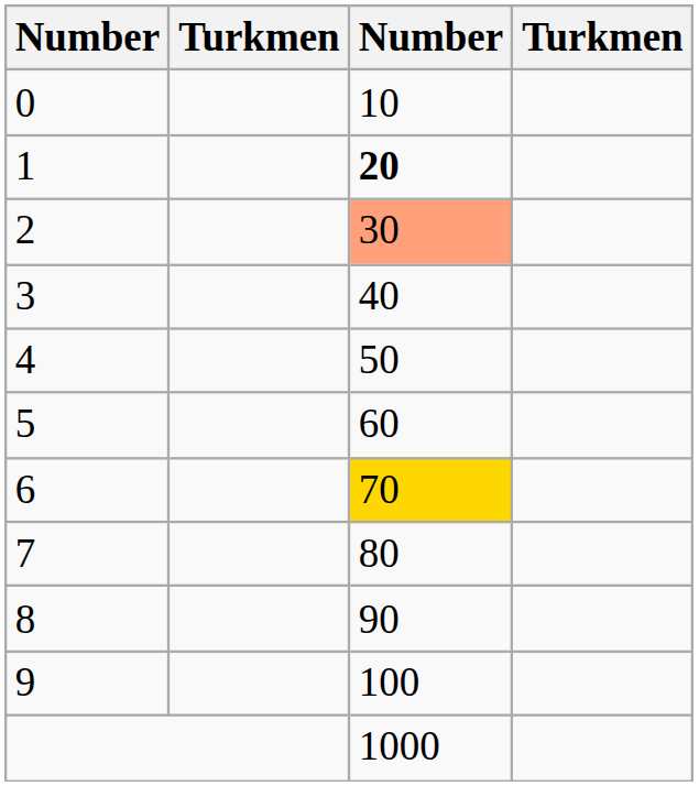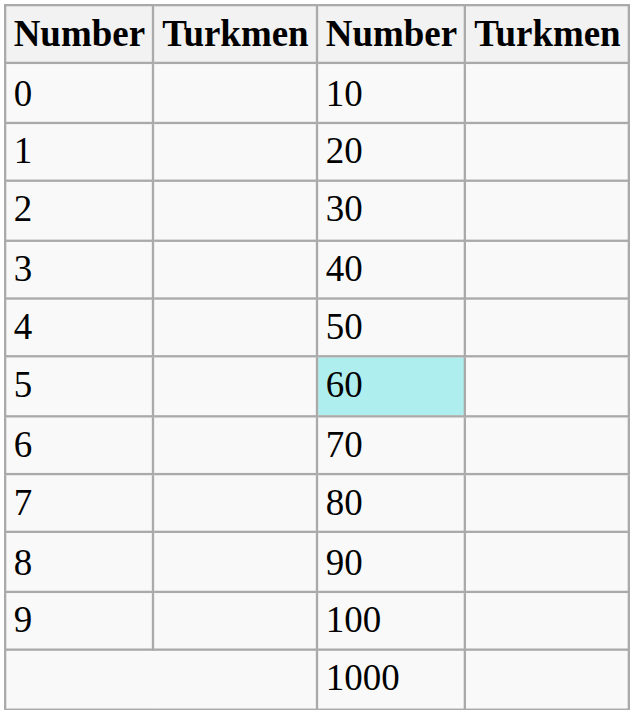 <table class="wikitable">
 <tr>
 <th>Number</th>
 <th>Turkmen</th>
 <th>Number</th>
 <th>Turkmen</th>
 </tr>
 <tr>
 <td>0</td>
 <td></td>
 <td>10</td>
 <td></td>
 </tr>
 <tr>
 <td>1</td>
 <td></td>
-<td><strong>20</strong></td>
+<td>20</td>
 <td></td>
 </tr>
 <tr>
 <td>2</td>
 <td></td>
-<td style="background: lightsalmon;">30</td>
+<td>30</td>
 <td></td>
 </tr>
 <tr>
 <td>3</td>
 <td></td>
 <td>40</td>
 <td></td>
 </tr>
 <tr>
 <td>4</td>
 <td></td>
 <td>50</td>
 <td></td>
 </tr>
 <tr>
 <td>5</td>
 <td></td>
-<td>60</td>
+<td style="background: paleturquoise;">60</td>
 <td></td>
 </tr>
 <tr>
 <td>6</td>
 <td></td>
-<td style="background: gold;">70</td>
+<td>70</td>
 <td></td>
 </tr>
 <tr>
 <td>7</td>
 <td></td>
 <td>80</td>
 <td></td>
 </tr>
 <tr>
 <td>8</td>
 <td></td>
 <td>90</td>
 <td></td>
 </tr>
 <tr>
 <td>9</td>
 <td></td>
 <td>100</td>
 <td></td>
 </tr>
 <tr>
 <td colspan="2"></td>
 <td>1000</td>
 <td></td>
 </tr>
 </table>
